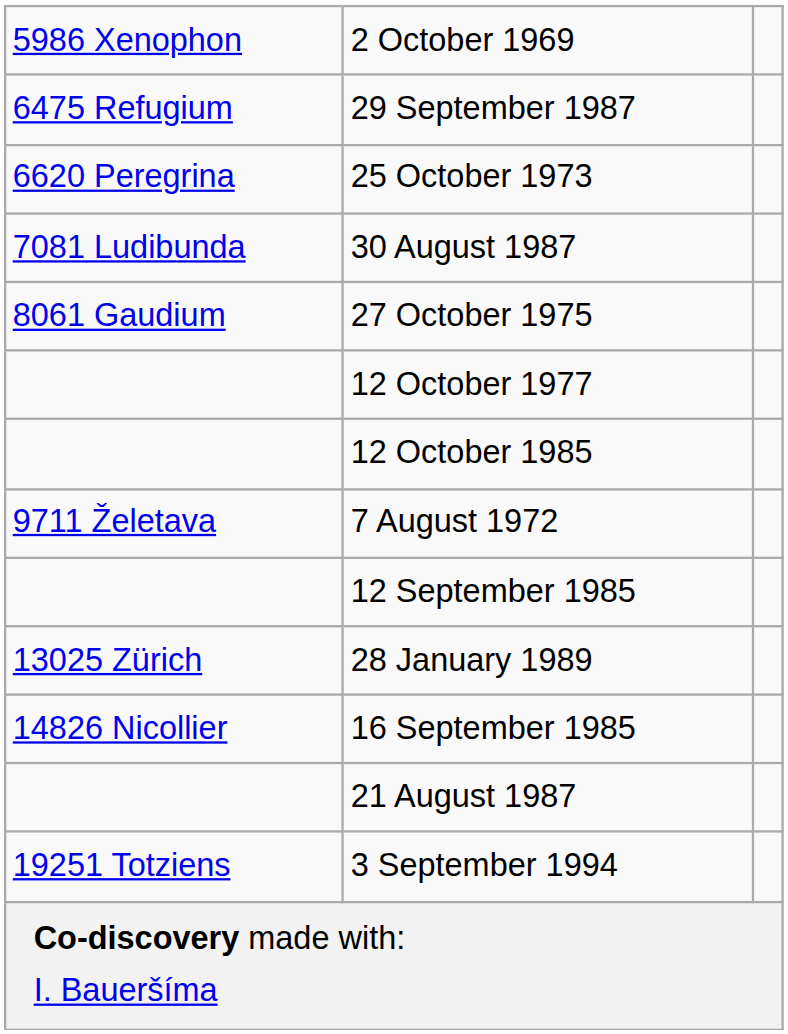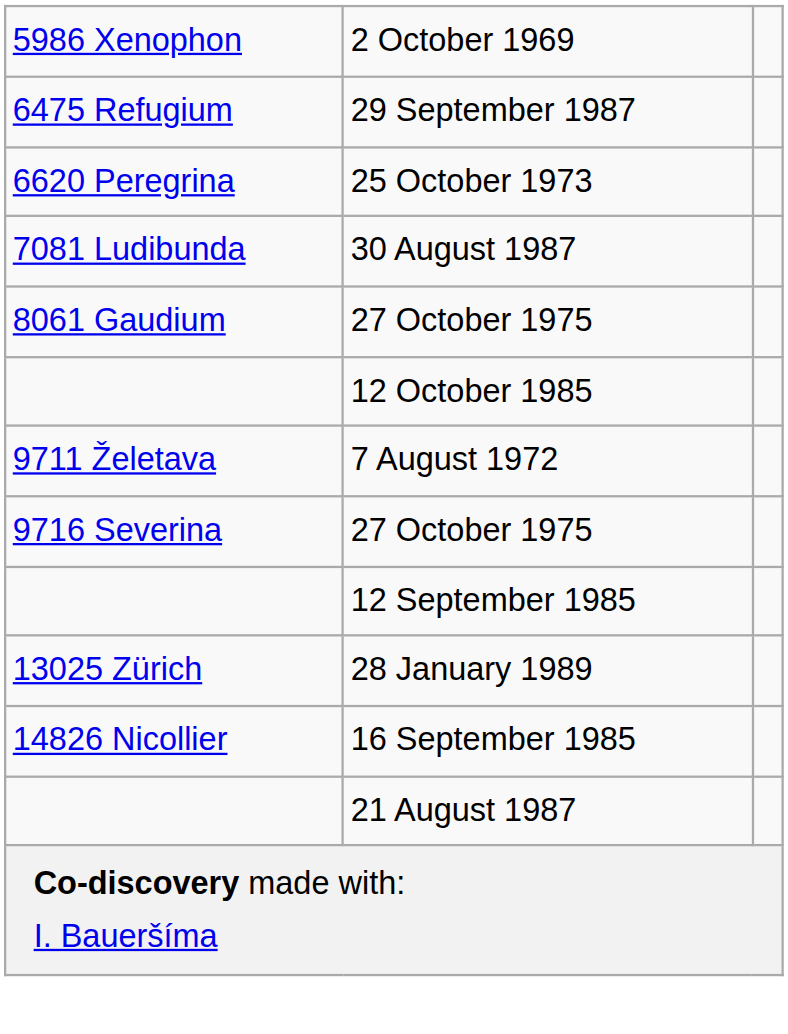 <table class="wikitable" style="font-size: 89%; float: left; width: 24em; margin-right: 1em; line-height: 1.65em !important; height: 426px;">
 <tr>
 <td><a href='#'>5986 Xenophon</a></td>
 <td>2 October 1969</td>
 <td></td>
 </tr>
 <tr>
 <td><a href='#'>6475 Refugium</a></td>
 <td>29 September 1987</td>
 <td></td>
 </tr>
 <tr>
 <td><a href='#'>6620 Peregrina</a></td>
 <td>25 October 1973</td>
 <td></td>
 </tr>
 <tr>
 <td><a href='#'>7081 Ludibunda</a></td>
 <td>30 August 1987</td>
 <td></td>
 </tr>
 <tr>
 <td><a href='#'>8061 Gaudium</a></td>
 <td>27 October 1975</td>
 <td></td>
 </tr>
 <tr>
 <td></td>
-<td>12 October 1977</td>
-<td></td>
-</tr>
-<tr>
-<td></td>
 <td>12 October 1985</td>
 <td></td>
 </tr>
 <tr>
 <td><a href='#'>9711 Želetava</a></td>
 <td>7 August 1972</td>
 <td> </td>
+</tr>
+<tr>
+<td><a href='#'>9716 Severina</a></td>
+<td>27 October 1975</td>
+<td></td>
 </tr>
 <tr>
 <td></td>
 <td>12 September 1985</td>
 <td></td>
 </tr>
 <tr>
 <td><a href='#'>13025 Zürich</a></td>
 <td>28 January 1989</td>
 <td></td>
 </tr>
 <tr>
 <td><a href='#'>14826 Nicollier</a></td>
 <td>16 September 1985</td>
 <td></td>
 </tr>
 <tr>
 <td></td>
 <td>21 August 1987</td>
 <td></td>
 </tr>
 <tr>
-<td><a href='#'>19251 Totziens</a></td>
-<td>3 September 1994</td>
-<td></td>
-</tr>
-<tr>
 <th colspan=3 style="font-weight: normal; text-align: left; padding: 4px 12px;"><strong>Co-discovery</strong> made with:<br> <a href='#'>I. Baueršíma</a></th>
 </tr>
 </table>
